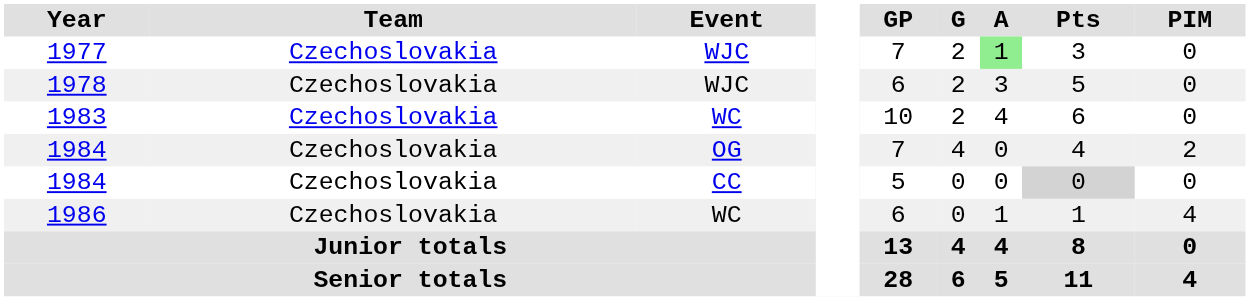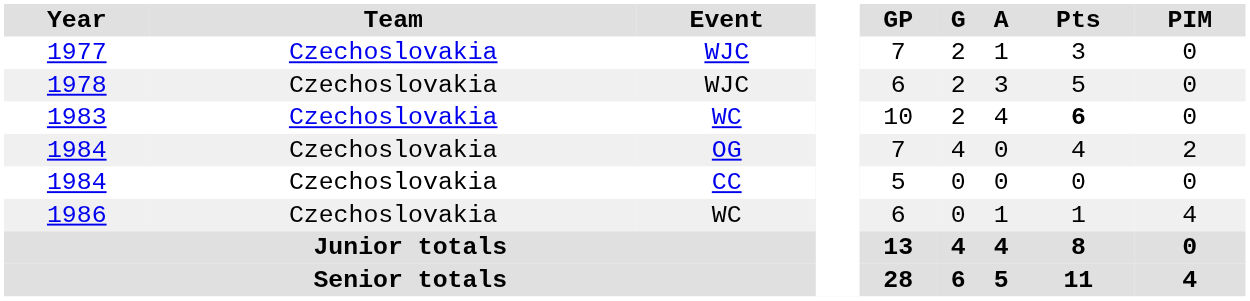 <table border="0" cellpadding="1" cellspacing="0" style="text-align:center; width:50em">
 <tr ALIGN="center" bgcolor="#e0e0e0">
 <th>Year</th>
 <th>Team</th>
 <th>Event</th>
 <th rowspan="99" bgcolor="#ffffff"> </th>
 <th>GP</th>
 <th>G</th>
 <th>A</th>
 <th>Pts</th>
 <th>PIM</th>
 </tr>
 <tr>
 <td><a href='#'>1977</a></td>
 <td><a href='#'>Czechoslovakia</a></td>
 <td><a href='#'>WJC</a></td>
 <td>7</td>
 <td>2</td>
-<td style="background: lightgreen;">1</td>
+<td>1</td>
 <td>3</td>
 <td>0</td>
 </tr>
 <tr bgcolor="#f0f0f0">
 <td><a href='#'>1978</a></td>
 <td>Czechoslovakia</td>
 <td>WJC</td>
 <td>6</td>
 <td>2</td>
 <td>3</td>
 <td>5</td>
 <td>0</td>
 </tr>
 <tr>
 <td><a href='#'>1983</a></td>
 <td><a href='#'>Czechoslovakia</a></td>
 <td><a href='#'>WC</a></td>
 <td>10</td>
 <td>2</td>
 <td>4</td>
-<td>6</td>
+<td><strong>6</strong></td>
 <td>0</td>
 </tr>
 <tr bgcolor="#f0f0f0">
 <td><a href='#'>1984</a></td>
 <td>Czechoslovakia</td>
 <td><a href='#'>OG</a></td>
 <td>7</td>
 <td>4</td>
 <td>0</td>
 <td>4</td>
 <td>2</td>
 </tr>
 <tr>
 <td><a href='#'>1984</a></td>
 <td>Czechoslovakia</td>
 <td><a href='#'>CC</a></td>
 <td>5</td>
 <td>0</td>
 <td>0</td>
-<td style="background: lightgrey;">0</td>
+<td>0</td>
 <td>0</td>
 </tr>
 <tr bgcolor="#f0f0f0">
 <td><a href='#'>1986</a></td>
 <td>Czechoslovakia</td>
 <td>WC</td>
 <td>6</td>
 <td>0</td>
 <td>1</td>
 <td>1</td>
 <td>4</td>
 </tr>
 <tr bgcolor="#e0e0e0">
 <th colspan=3>Junior totals</th>
 <th>13</th>
 <th>4</th>
 <th>4</th>
 <th>8</th>
 <th>0</th>
 </tr>
 <tr bgcolor="#e0e0e0">
 <th colspan=3>Senior totals</th>
 <th>28</th>
 <th>6</th>
 <th>5</th>
 <th>11</th>
 <th>4</th>
 </tr>
 </table>
